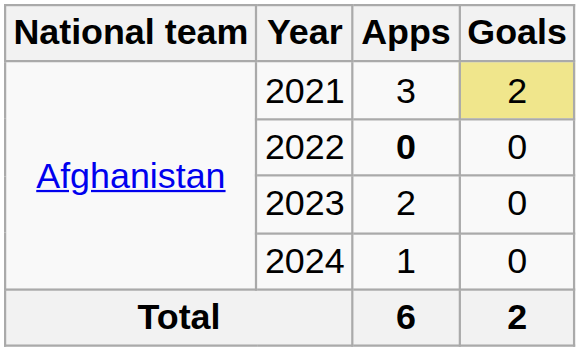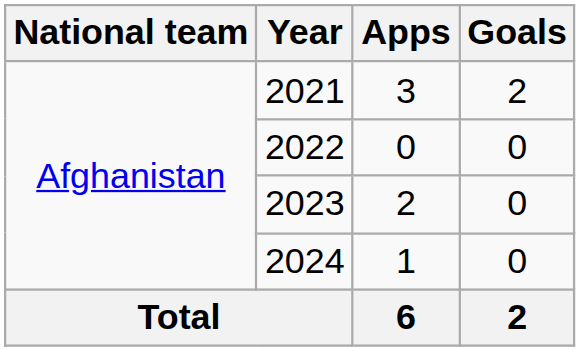 <table class="wikitable" style="text-align:center">
 <tr>
 <th>National team</th>
 <th>Year</th>
 <th>Apps</th>
 <th>Goals</th>
 </tr>
 <tr>
 <td rowspan="4"><a href='#'>Afghanistan</a></td>
 <td>2021</td>
 <td>3</td>
-<td style="background: khaki;">2</td>
+<td>2</td>
 </tr>
 <tr>
 <td>2022</td>
-<td><strong>0</strong></td>
+<td>0</td>
 <td>0</td>
 </tr>
 <tr>
 <td>2023</td>
 <td>2</td>
 <td>0</td>
 </tr>
 <tr>
 <td>2024</td>
 <td>1</td>
 <td>0</td>
 </tr>
 <tr>
 <th colspan="2">Total</th>
 <th>6</th>
 <th>2</th>
 </tr>
 </table>
